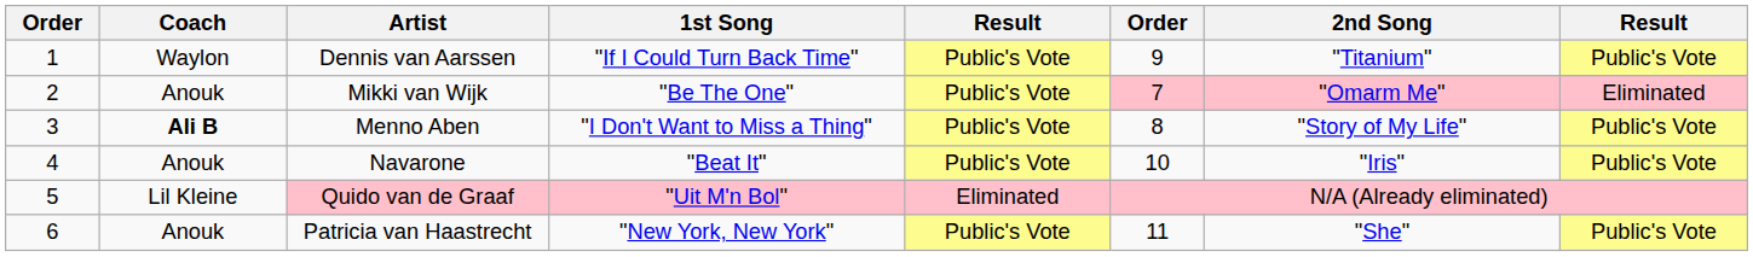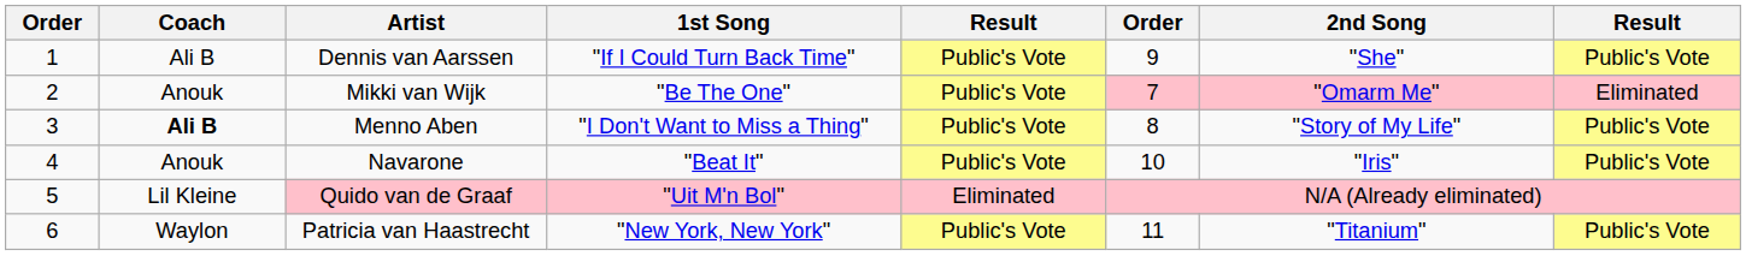 <table class="wikitable" style="text-align:center; width:100%;">
 <tr>
 <th style="width:05%;">Order</th>
 <th style="width:10%;">Coach</th>
 <th style="width:14%;">Artist</th>
 <th style="width:19%;">1st Song</th>
 <th style="width:11%;">Result</th>
 <th style="width:05%;">Order</th>
 <th style="width:19%;">2nd Song</th>
 <th style="width:10%;">Result</th>
 </tr>
 <tr>
 <td scope="row">1</td>
-<td>Waylon</td>
+<td>Ali B</td>
 <td>Dennis van Aarssen</td>
 <td>"<a href='#'>If I Could Turn Back Time</a>"</td>
 <td style="background:#fdfc8f;">Public's Vote</td>
 <td>9</td>
-<td>"<a href='#'>Titanium</a>"</td>
+<td>"<a href='#'>She</a>"</td>
 <td style="background:#fdfc8f;">Public's Vote</td>
 </tr>
 <tr>
 <td scope="row">2</td>
 <td>Anouk</td>
 <td>Mikki van Wijk</td>
 <td>"<a href='#'>Be The One</a>"</td>
 <td style="background:#fdfc8f;">Public's Vote</td>
 <td style="background:pink;">7</td>
 <td style="background:pink;">"<a href='#'>Omarm Me</a>"</td>
 <td style="background:pink;">Eliminated</td>
 </tr>
 <tr>
 <td scope="row">3</td>
 <td><strong>Ali B</strong></td>
 <td>Menno Aben</td>
 <td>"<a href='#'>I Don't Want to Miss a Thing</a>"</td>
 <td style="background:#fdfc8f;">Public's Vote</td>
 <td>8</td>
 <td>"<a href='#'>Story of My Life</a>"</td>
 <td style="background:#fdfc8f;">Public's Vote</td>
 </tr>
 <tr>
 <td scope="row">4</td>
 <td>Anouk</td>
 <td>Navarone</td>
 <td>"<a href='#'>Beat It</a>"</td>
 <td style="background:#fdfc8f;">Public's Vote</td>
 <td>10</td>
 <td>"<a href='#'>Iris</a>"</td>
 <td style="background:#fdfc8f;">Public's Vote</td>
 </tr>
 <tr>
 <td scope="row">5</td>
 <td>Lil Kleine</td>
 <td style="background:pink;">Quido van de Graaf</td>
 <td style="background:pink;">"<a href='#'>Uit M'n Bol</a>"</td>
 <td style="background:pink;">Eliminated</td>
 <td colspan="3" style="background:pink">N/A (Already eliminated)</td>
 </tr>
 <tr>
 <td scope="row">6</td>
-<td>Anouk</td>
+<td>Waylon</td>
 <td>Patricia van Haastrecht</td>
 <td>"<a href='#'>New York, New York</a>"</td>
 <td style="background:#fdfc8f;">Public's Vote</td>
 <td scope="row">11</td>
-<td>"<a href='#'>She</a>"</td>
+<td>"<a href='#'>Titanium</a>"</td>
 <td style="background:#fdfc8f;">Public's Vote</td>
 </tr>
 </table>
